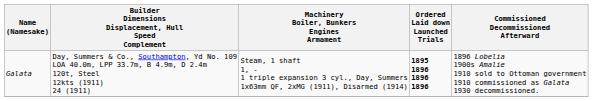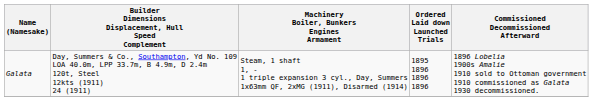 <table class="wikitable" style="font-size:90%;">
 <tr bgcolor="#e6e9ff">
 <th>Name<br>(Namesake)</th>
 <th>Builder<br>Dimensions<br>Displacement, Hull<br>Speed<br>Complement</th>
 <th>Machinery<br>Boiler, Bunkers<br>Engines<br>Armament</th>
 <th>Ordered<br>Laid down<br>Launched<br>Trials</th>
 <th>Commissioned<br>Decommissioned<br>Afterward</th>
 </tr>
 <tr ---->
 <td><em>Galata</em></td>
 <td> Day, Summers & Co., <a href='#'>Southampton</a>, Yd No. 109<br>LOA 40.0m, LPP 33.7m, B 4.9m, D 2.4m<br>120t, Steel<br>12kts (1911)<br>24 (1911)</td>
 <td>Steam, 1 shaft<br>1, -<br>1 triple expansion 3 cyl., Day, Summers<br>1x63mm QF, 2xMG (1911), Disarmed (1914)</td>
-<td><strong>1895<br>1896<br>1896<br>1896</strong></td>
+<td>1895<br>1896<br>1896<br>1896</td>
 <td>1896 <em>Lobelia</em><br>1900s <em>Amalie</em><br>1910 sold to Ottoman government<br>1910 commissioned as <em>Galata</em><br>1930 decommissioned.</td>
 </tr>
 <tr ---->
 </tr>
 </table>
